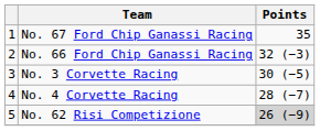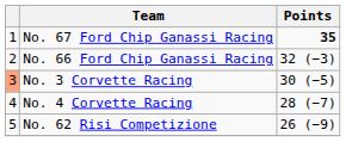 <table class="wikitable" style="font-size: 95%;">
 <tr>
 <th scope="col"></th>
 <th scope="col">Team</th>
 <th scope="col">Points</th>
 </tr>
 <tr>
 <td align=center>1</td>
 <td> No. 67 <a href='#'>Ford Chip Ganassi Racing</a></td>
-<td align=right>35</td>
+<td align=right><strong>35</strong></td>
 </tr>
 <tr>
 <td align=center>2</td>
 <td> No. 66 <a href='#'>Ford Chip Ganassi Racing</a></td>
 <td align=right>32 (−3)</td>
 </tr>
 <tr>
-<td align=center>3</td>
+<td align=center style="background: lightsalmon;">3</td>
 <td> No. 3 <a href='#'>Corvette Racing</a></td>
 <td align=right>30 (−5)</td>
 </tr>
 <tr>
 <td align=center>4</td>
 <td> No. 4 <a href='#'>Corvette Racing</a></td>
 <td align=right>28 (−7)</td>
 </tr>
 <tr>
 <td align=center>5</td>
 <td> No. 62 <a href='#'>Risi Competizione</a></td>
-<td align=right style="background: lightgrey;">26 (−9)</td>
+<td align=right>26 (−9)</td>
 </tr>
 <tr>
 </tr>
 </table>
